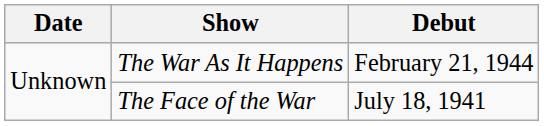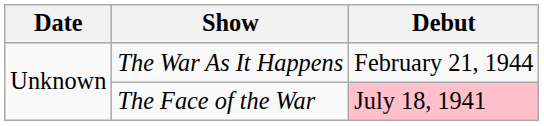 <table class="wikitable">
 <tr>
 <th>Date</th>
 <th>Show</th>
 <th>Debut</th>
 </tr>
 <tr>
 <td rowspan="2">Unknown</td>
 <td><em>The War As It Happens</em></td>
 <td>February 21, 1944</td>
 </tr>
 <tr>
 <td><em>The Face of the War</em></td>
-<td>July 18, 1941</td>
+<td style="background: pink;">July 18, 1941</td>
 </tr>
 </table>
